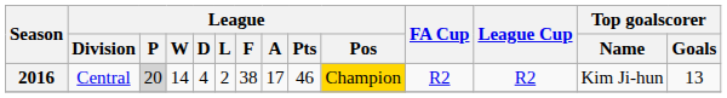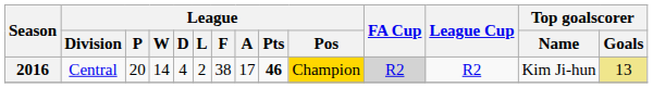 <table class="wikitable" style="text-align: center">
 <tr>
 <th rowspan=2>Season</th>
 <th colspan=9>League</th>
 <th rowspan=2><a href='#'>FA Cup</a></th>
 <th rowspan=2><a href='#'>League Cup</a></th>
 <th colspan=2>Top goalscorer</th>
 </tr>
 <tr>
 <th>Division</th>
 <th>P</th>
 <th>W</th>
 <th>D</th>
 <th>L</th>
 <th>F</th>
 <th>A</th>
 <th>Pts</th>
 <th>Pos</th>
 <th>Name</th>
 <th>Goals</th>
 </tr>
 <tr>
 <th>2016</th>
 <td><a href='#'>Central</a></td>
-<td style="background: lightgrey;">20</td>
+<td>20</td>
 <td>14</td>
 <td>4</td>
 <td>2</td>
 <td>38</td>
 <td>17</td>
-<td>46</td>
+<td><strong>46</strong></td>
 <td bgcolor=gold>Champion</td>
-<td><a href='#'>R2</a></td>
+<td style="background: lightgrey;"><a href='#'>R2</a></td>
 <td><a href='#'>R2</a></td>
 <td>Kim Ji-hun</td>
-<td>13</td>
+<td style="background: khaki;">13</td>
 </tr>
 <tr>
 </tr>
 </table>
